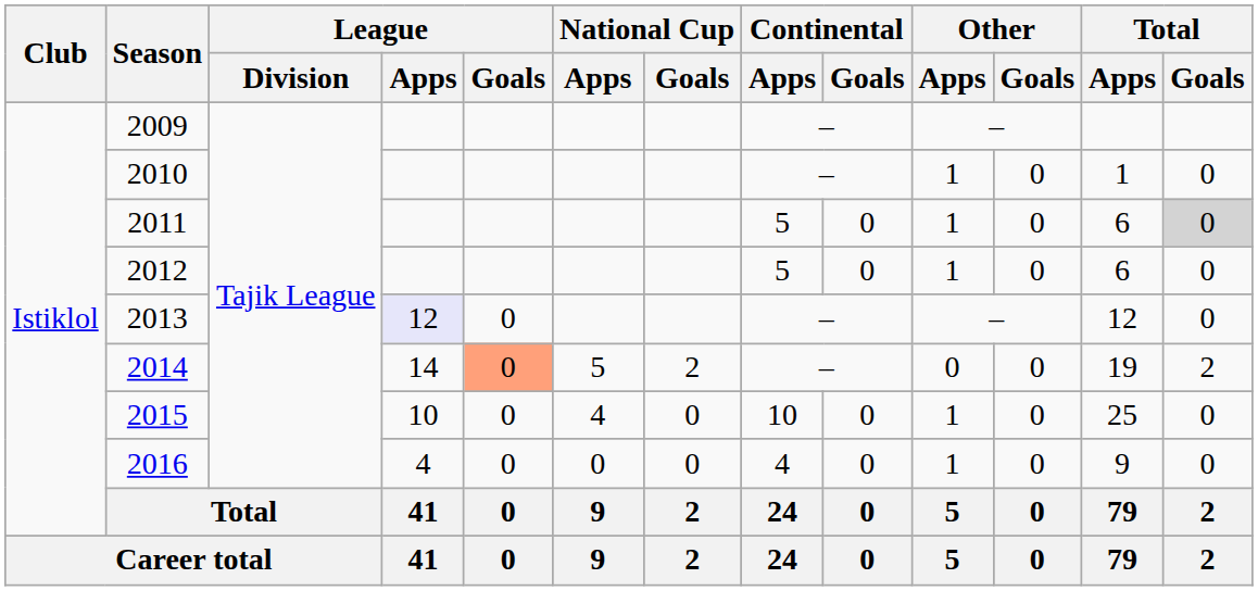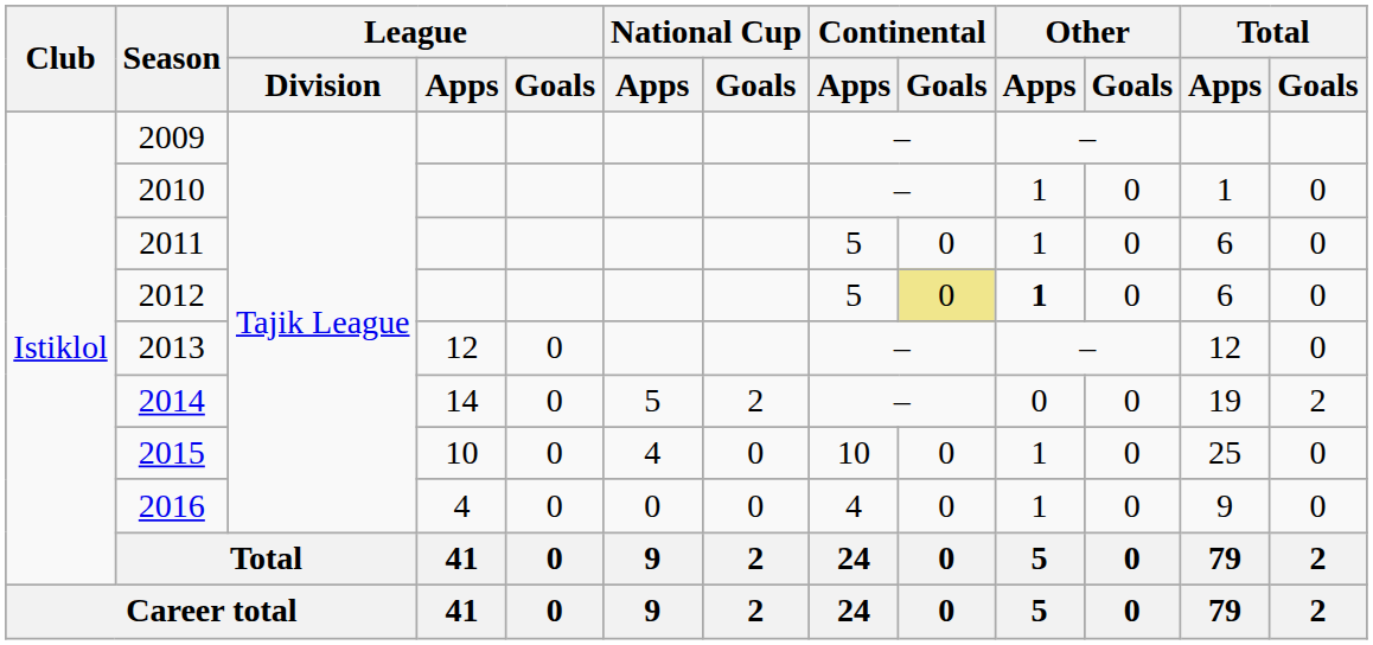 <table class="wikitable" style="text-align: center;">
 <tr>
 <th rowspan="2">Club</th>
 <th rowspan="2">Season</th>
 <th colspan="3">League</th>
 <th colspan="2">National Cup</th>
 <th colspan="2">Continental</th>
 <th colspan="2">Other</th>
 <th colspan="2">Total</th>
 </tr>
 <tr>
 <th>Division</th>
 <th>Apps</th>
 <th>Goals</th>
 <th>Apps</th>
 <th>Goals</th>
 <th>Apps</th>
 <th>Goals</th>
 <th>Apps</th>
 <th>Goals</th>
 <th>Apps</th>
 <th>Goals</th>
 </tr>
 <tr>
 <td rowspan="9" valign="center"><a href='#'>Istiklol</a></td>
 <td>2009</td>
 <td rowspan="8" valign="center"><a href='#'>Tajik League</a></td>
 <td></td>
 <td></td>
 <td></td>
 <td></td>
 <td colspan="2">–</td>
 <td colspan="2">–</td>
 <td></td>
 <td></td>
 </tr>
 <tr>
 <td>2010</td>
 <td></td>
 <td></td>
 <td></td>
 <td></td>
 <td colspan="2">–</td>
 <td>1</td>
 <td>0</td>
 <td>1</td>
 <td>0</td>
 </tr>
 <tr>
 <td>2011</td>
 <td></td>
 <td></td>
 <td></td>
 <td></td>
 <td>5</td>
 <td>0</td>
 <td>1</td>
 <td>0</td>
 <td>6</td>
-<td style="background: lightgrey;">0</td>
+<td>0</td>
 </tr>
 <tr>
 <td>2012</td>
 <td></td>
 <td></td>
 <td></td>
 <td></td>
 <td>5</td>
-<td>0</td>
-<td>1</td>
+<td style="background: khaki;">0</td>
+<td><strong>1</strong></td>
 <td>0</td>
 <td>6</td>
 <td>0</td>
 </tr>
 <tr>
 <td>2013</td>
-<td style="background: lavender;">12</td>
+<td>12</td>
 <td>0</td>
 <td></td>
 <td></td>
 <td colspan="2">–</td>
 <td colspan="2">–</td>
 <td>12</td>
 <td>0</td>
 </tr>
 <tr>
 <td><a href='#'>2014</a></td>
 <td>14</td>
-<td style="background: lightsalmon;">0</td>
+<td>0</td>
 <td>5</td>
 <td>2</td>
 <td colspan="2">–</td>
 <td>0</td>
 <td>0</td>
 <td>19</td>
 <td>2</td>
 </tr>
 <tr>
 <td><a href='#'>2015</a></td>
 <td>10</td>
 <td>0</td>
 <td>4</td>
 <td>0</td>
 <td>10</td>
 <td>0</td>
 <td>1</td>
 <td>0</td>
 <td>25</td>
 <td>0</td>
 </tr>
 <tr>
 <td><a href='#'>2016</a></td>
 <td>4</td>
 <td>0</td>
 <td>0</td>
 <td>0</td>
 <td>4</td>
 <td>0</td>
 <td>1</td>
 <td>0</td>
 <td>9</td>
 <td>0</td>
 </tr>
 <tr>
 <th colspan="2">Total</th>
 <th>41</th>
 <th>0</th>
 <th>9</th>
 <th>2</th>
 <th>24</th>
 <th>0</th>
 <th>5</th>
 <th>0</th>
 <th>79</th>
 <th>2</th>
 </tr>
 <tr>
 <th colspan="3">Career total</th>
 <th>41</th>
 <th>0</th>
 <th>9</th>
 <th>2</th>
 <th>24</th>
 <th>0</th>
 <th>5</th>
 <th>0</th>
 <th>79</th>
 <th>2</th>
 </tr>
 </table>
